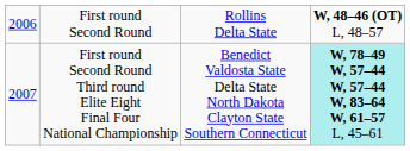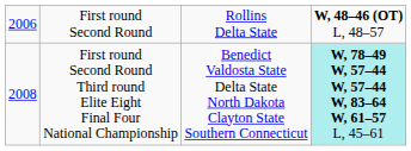 <table class="wikitable">
 <tr align="center">
 <td><a href='#'>2006</a></td>
 <td>First round<br>Second Round</td>
 <td><a href='#'>Rollins</a><br><a href='#'>Delta State</a></td>
 <td><strong>W, 48–46 (OT)</strong><br>L, 48–57</td>
 </tr>
 <tr align="center">
-<td><a href='#'>2007</a></td>
+<td><a href='#'>2008</a></td>
 <td>First round<br>Second Round<br>Third round<br>Elite Eight<br>Final Four<br>National Championship</td>
 <td><a href='#'>Benedict</a><br><a href='#'>Valdosta State</a><br>Delta State<br><a href='#'>North Dakota</a><br><a href='#'>Clayton State</a><br><a href='#'>Southern Connecticut</a></td>
 <td style="background: paleturquoise;"><strong>W, 78–49</strong><br><strong>W, 57–44</strong><br><strong>W, 57–44</strong><br><strong>W, 83–64</strong><br><strong>W, 61–57</strong><br>L, 45–61</td>
 </tr>
 </table>
